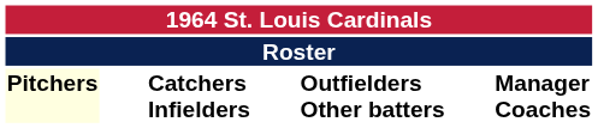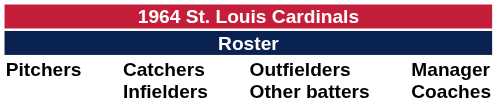 <table class="toccolours" style="font-size: 95%;">
 <tr>
 <th colspan="10" style="background:#c41e3a; color:white; text-align:center;">1964 St. Louis Cardinals</th>
 </tr>
 <tr>
 <td colspan="10" style="background:#0a2252; color:white; text-align:center;"><strong>Roster</strong></td>
 </tr>
 <tr>
-<td valign="top" style="background: lightyellow;"><strong>Pitchers</strong><br>                 </td>
+<td valign="top"><strong>Pitchers</strong><br>                 </td>
 <td style="width:25px;"></td>
 <td valign="top"><strong>Catchers</strong><br>  <strong>Infielders</strong>       </td>
 <td style="width:25px;"></td>
 <td valign="top"><strong>Outfielders</strong><br>         <strong>Other batters</strong>  </td>
 <td style="width:25px;"></td>
 <td valign="top"><strong>Manager</strong><br> <strong>Coaches</strong>    </td>
 </tr>
 </table>
